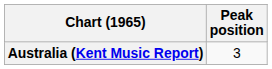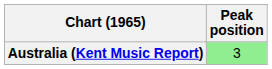 <table class="wikitable plainrowheaders" style="text-align:center;">
 <tr>
 <th scope="col">Chart (1965)</th>
 <th scope="col">Peak<br>position</th>
 </tr>
 <tr>
 <th scope="row">Australia (<a href='#'>Kent Music Report</a>)</th>
-<td>3</td>
+<td style="background: lightgreen;">3</td>
 </tr>
 </table>
